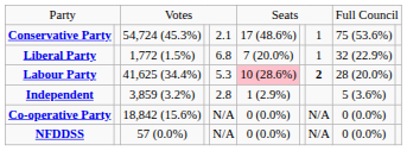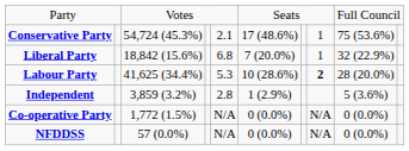 <table class=wikitable style="text-align:center;">
 <tr>
 <td colspan=2>Party</td>
 <td colspan=3>Votes</td>
 <td colspan=3>Seats</td>
 <td colspan=3>Full Council</td>
 </tr>
 <tr>
 <td><strong><a href='#'>Conservative Party</a></strong></td>
 <td style="background:"></td>
 <td>54,724 (45.3%)</td>
 <td></td>
 <td> 2.1</td>
 <td>17 (48.6%)</td>
 <td></td>
 <td> 1</td>
 <td>75 (53.6%)</td>
 <td></td>
 </tr>
 <tr>
 <td><strong><a href='#'>Liberal Party</a></strong></td>
 <td style="background:"></td>
-<td>1,772 (1.5%)</td>
+<td>18,842 (15.6%)</td>
 <td></td>
 <td> 6.8</td>
 <td>7 (20.0%)</td>
 <td></td>
 <td> 1</td>
 <td>32 (22.9%)</td>
 <td></td>
 </tr>
 <tr>
 <td><strong><a href='#'>Labour Party</a></strong></td>
 <td style="background:"></td>
 <td>41,625 (34.4%)</td>
 <td></td>
 <td> 5.3</td>
-<td style="background: pink;">10 (28.6%)</td>
+<td>10 (28.6%)</td>
 <td></td>
 <td><strong> 2</strong></td>
 <td>28 (20.0%)</td>
 <td></td>
 </tr>
 <tr>
 <td><strong><a href='#'>Independent</a></strong></td>
 <td style="background:"></td>
 <td>3,859 (3.2%)</td>
 <td></td>
 <td> 2.8</td>
 <td>1 (2.9%)</td>
 <td></td>
 <td></td>
 <td>5 (3.6%)</td>
 <td></td>
 </tr>
 <tr>
 <td><strong><a href='#'>Co-operative Party</a></strong></td>
 <td style="background:"></td>
-<td>18,842 (15.6%)</td>
+<td>1,772 (1.5%)</td>
 <td></td>
 <td>N/A</td>
 <td>0 (0.0%)</td>
 <td></td>
 <td>N/A</td>
 <td>0 (0.0%)</td>
 <td></td>
 </tr>
 <tr>
 <td><strong><a href='#'>NFDDSS</a></strong></td>
 <td style="background:"></td>
 <td>57 (0.0%)</td>
 <td></td>
 <td>N/A</td>
 <td>0 (0.0%)</td>
 <td></td>
 <td>N/A</td>
 <td>0 (0.0%)</td>
 <td></td>
 </tr>
 </table>
